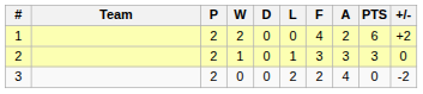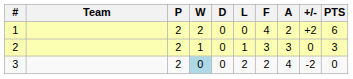 <table class="wikitable" border="1">
 <tr>
 <th width="25">#</th>
 <th width="200">Team</th>
 <th width="25">P</th>
 <th width="25">W</th>
 <th width="25">D</th>
 <th width="25">L</th>
 <th width="25">F</th>
 <th width="25">A</th>
+<th width="25">+/-</th>
 <th width="25">PTS</th>
-<th width="25">+/-</th>
 </tr>
 <tr bgcolor="FCFFB2">
 <td align="center">1</td>
 <td></td>
 <td align="center">2</td>
 <td align="center">2</td>
 <td align="center">0</td>
 <td align="center">0</td>
 <td align="center">4</td>
 <td align="center">2</td>
+<td align="center">+2</td>
 <td align="center">6</td>
-<td align="center">+2</td>
 </tr>
 <tr bgcolor="FCFFB2">
 <td align="center">2</td>
 <td></td>
 <td align="center">2</td>
 <td align="center">1</td>
 <td align="center">0</td>
 <td align="center">1</td>
 <td align="center">3</td>
 <td align="center">3</td>
+<td align="center">0</td>
 <td align="center">3</td>
-<td align="center">0</td>
 </tr>
 <tr>
 <td align="center">3</td>
 <td></td>
 <td align="center">2</td>
-<td align="center">0</td>
+<td align="center" style="background: lightblue;">0</td>
 <td align="center">0</td>
 <td align="center">2</td>
 <td align="center">2</td>
 <td align="center">4</td>
+<td align="center">-2</td>
 <td align="center">0</td>
-<td align="center">-2</td>
 </tr>
 </table>
